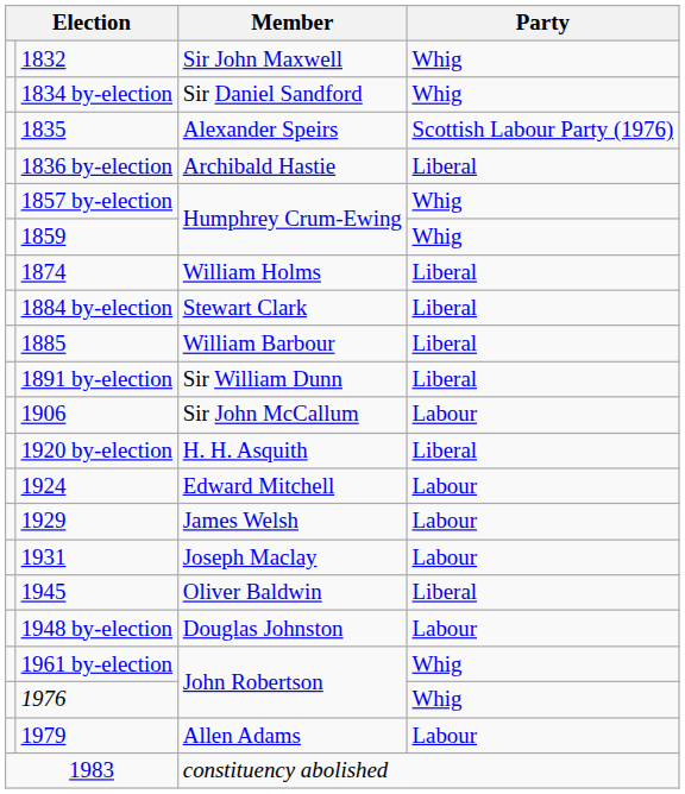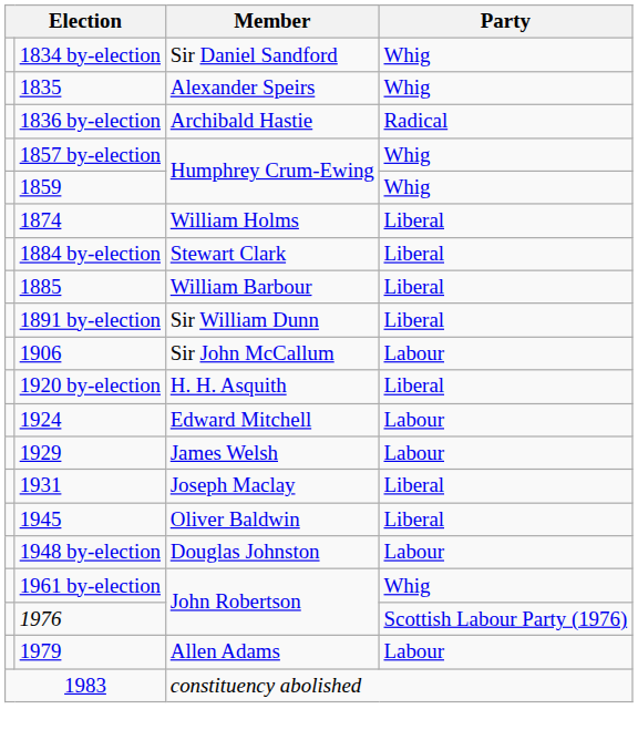 <table class="wikitable">
 <tr>
 <th colspan="2">Election</th>
 <th>Member</th>
 <th>Party</th>
-</tr>
-<tr>
-<td style="color:inherit;background-color: "></td>
-<td><a href='#'>1832</a></td>
-<td><a href='#'>Sir John Maxwell</a></td>
-<td><a href='#'>Whig</a></td>
 </tr>
 <tr>
 <td style="color:inherit;background-color: "></td>
 <td><a href='#'>1834 by-election</a></td>
 <td>Sir <a href='#'>Daniel Sandford</a></td>
 <td><a href='#'>Whig</a></td>
 </tr>
 <tr>
 <td style="color:inherit;background-color: "></td>
 <td><a href='#'>1835</a></td>
 <td><a href='#'>Alexander Speirs</a></td>
-<td><a href='#'>Scottish Labour Party (1976)</a></td>
+<td><a href='#'>Whig</a></td>
 </tr>
 <tr>
 <td style="color:inherit;background-color: "></td>
 <td><a href='#'>1836 by-election</a></td>
 <td><a href='#'>Archibald Hastie</a></td>
-<td><a href='#'>Liberal</a></td>
+<td><a href='#'>Radical</a></td>
 </tr>
 <tr>
 <td style="color:inherit;background-color: "></td>
 <td><a href='#'>1857 by-election</a></td>
 <td rowspan="2"><a href='#'>Humphrey Crum-Ewing</a></td>
 <td><a href='#'>Whig</a></td>
 </tr>
 <tr>
 <td style="color:inherit;background-color: "></td>
 <td><a href='#'>1859</a></td>
 <td><a href='#'>Whig</a></td>
 </tr>
 <tr>
 <td style="color:inherit;background-color: "></td>
 <td><a href='#'>1874</a></td>
 <td><a href='#'>William Holms</a></td>
 <td><a href='#'>Liberal</a></td>
 </tr>
 <tr>
 <td style="color:inherit;background-color: "></td>
 <td><a href='#'>1884 by-election</a></td>
 <td><a href='#'>Stewart Clark</a></td>
 <td><a href='#'>Liberal</a></td>
 </tr>
 <tr>
 <td style="color:inherit;background-color: "></td>
 <td><a href='#'>1885</a></td>
 <td><a href='#'>William Barbour</a></td>
 <td><a href='#'>Liberal</a></td>
 </tr>
 <tr>
 <td style="color:inherit;background-color: "></td>
 <td><a href='#'>1891 by-election</a></td>
 <td>Sir <a href='#'>William Dunn</a></td>
 <td><a href='#'>Liberal</a></td>
 </tr>
 <tr>
 <td style="color:inherit;background-color: "></td>
 <td><a href='#'>1906</a></td>
 <td>Sir <a href='#'>John McCallum</a></td>
 <td><a href='#'>Labour</a></td>
 </tr>
 <tr>
 <td style="color:inherit;background-color: "></td>
 <td><a href='#'>1920 by-election</a></td>
 <td><a href='#'>H. H. Asquith</a></td>
 <td><a href='#'>Liberal</a></td>
 </tr>
 <tr>
 <td style="color:inherit;background-color: "></td>
 <td><a href='#'>1924</a></td>
 <td><a href='#'>Edward Mitchell</a></td>
 <td><a href='#'>Labour</a></td>
 </tr>
 <tr>
 <td style="color:inherit;background-color: "></td>
 <td><a href='#'>1929</a></td>
 <td><a href='#'>James Welsh</a></td>
 <td><a href='#'>Labour</a></td>
 </tr>
 <tr>
 <td style="color:inherit;background-color: "></td>
 <td><a href='#'>1931</a></td>
 <td><a href='#'>Joseph Maclay</a></td>
-<td><a href='#'>Labour</a></td>
+<td><a href='#'>Liberal</a></td>
 </tr>
 <tr>
 <td style="color:inherit;background-color: "></td>
 <td><a href='#'>1945</a></td>
 <td><a href='#'>Oliver Baldwin</a></td>
 <td><a href='#'>Liberal</a></td>
 </tr>
 <tr>
 <td style="color:inherit;background-color: "></td>
 <td><a href='#'>1948 by-election</a></td>
 <td><a href='#'>Douglas Johnston</a></td>
 <td><a href='#'>Labour</a></td>
 </tr>
 <tr>
 <td style="color:inherit;background-color: "></td>
 <td><a href='#'>1961 by-election</a></td>
 <td rowspan="2"><a href='#'>John Robertson</a></td>
 <td><a href='#'>Whig</a></td>
 </tr>
 <tr>
 <td style="color:inherit;background-color: "></td>
 <td><em>1976</em></td>
-<td><a href='#'>Whig</a></td>
+<td><a href='#'>Scottish Labour Party (1976)</a></td>
 </tr>
 <tr>
 <td style="color:inherit;background-color: "></td>
 <td><a href='#'>1979</a></td>
 <td><a href='#'>Allen Adams</a></td>
 <td><a href='#'>Labour</a></td>
 </tr>
 <tr>
 <td colspan="2" style="text-align:center;"><a href='#'>1983</a></td>
 <td colspan="2"><em>constituency abolished</em></td>
 </tr>
 </table>
